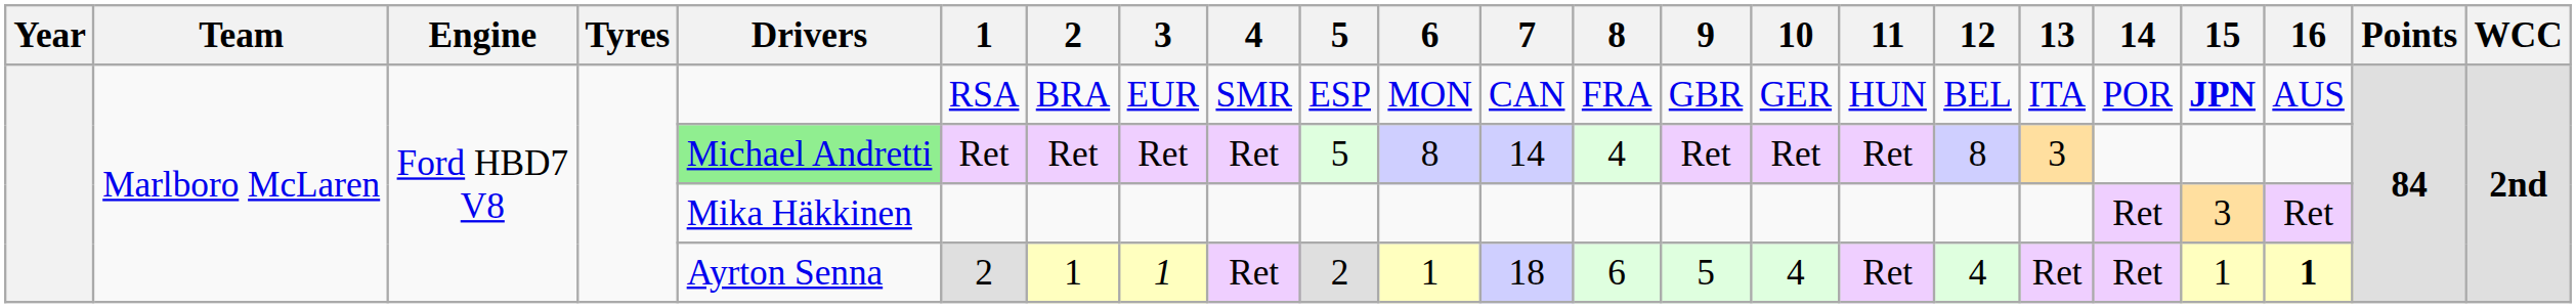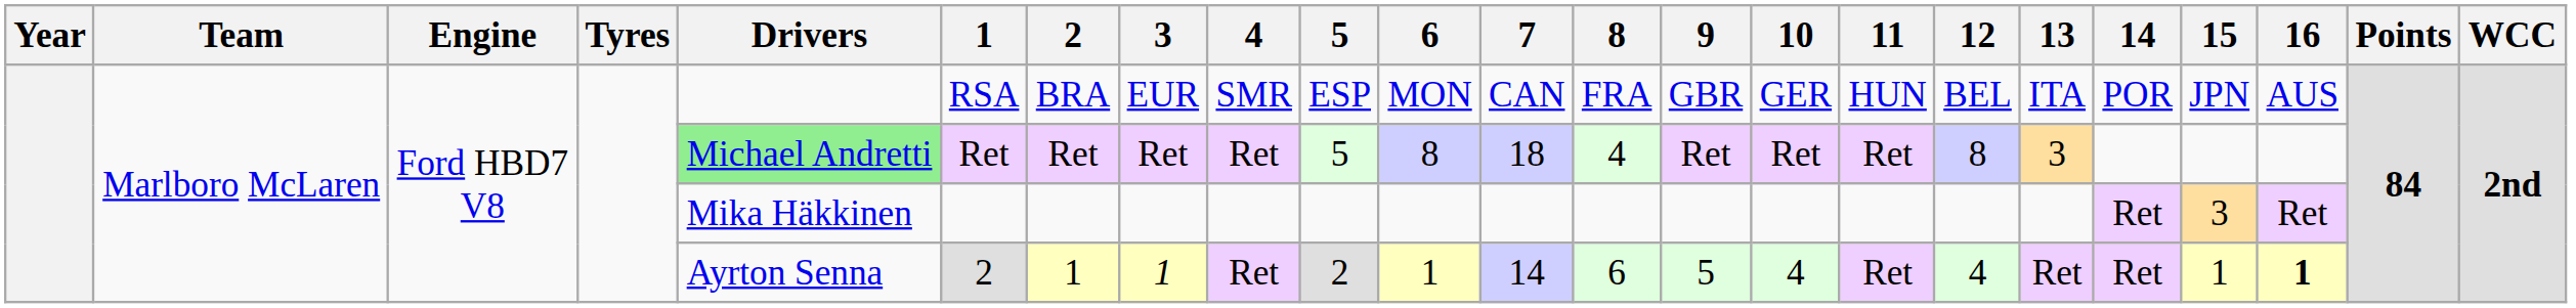 <table class="wikitable" style="text-align:center; font-size:95%">
 <tr>
 <th>Year</th>
 <th>Team</th>
 <th>Engine</th>
 <th>Tyres</th>
 <th>Drivers</th>
 <th>1</th>
 <th>2</th>
 <th>3</th>
 <th>4</th>
 <th>5</th>
 <th>6</th>
 <th>7</th>
 <th>8</th>
 <th>9</th>
 <th>10</th>
 <th>11</th>
 <th>12</th>
 <th>13</th>
 <th>14</th>
 <th>15</th>
 <th>16</th>
 <th>Points</th>
 <th>WCC</th>
 </tr>
 <tr>
 <th rowspan="4"></th>
 <td rowspan="4"><a href='#'>Marlboro</a> <a href='#'>McLaren</a></td>
 <td rowspan="4"><a href='#'>Ford</a> HBD7<br><a href='#'>V8</a></td>
 <td rowspan="4"></td>
 <td></td>
 <td><a href='#'>RSA</a></td>
 <td><a href='#'>BRA</a></td>
 <td><a href='#'>EUR</a></td>
 <td><a href='#'>SMR</a></td>
 <td><a href='#'>ESP</a></td>
 <td><a href='#'>MON</a></td>
 <td><a href='#'>CAN</a></td>
 <td><a href='#'>FRA</a></td>
 <td><a href='#'>GBR</a></td>
 <td><a href='#'>GER</a></td>
 <td><a href='#'>HUN</a></td>
 <td><a href='#'>BEL</a></td>
 <td><a href='#'>ITA</a></td>
 <td><a href='#'>POR</a></td>
-<td><strong><a href='#'>JPN</a></strong></td>
+<td><a href='#'>JPN</a></td>
 <td><a href='#'>AUS</a></td>
 <td rowspan="4" style="background:#dfdfdf;"><strong>84</strong></td>
 <td rowspan="4" style="background:#dfdfdf;"><strong>2nd</strong></td>
 </tr>
 <tr>
 <td align="left" style="background: lightgreen;"><a href='#'>Michael Andretti</a></td>
 <td style="background:#efcfff;">Ret</td>
 <td style="background:#efcfff;">Ret</td>
 <td style="background:#efcfff;">Ret</td>
 <td style="background:#efcfff;">Ret</td>
 <td style="background:#dfffdf;">5</td>
 <td style="background:#cfcfff;">8</td>
-<td style="background:#cfcfff;">14</td>
+<td style="background:#cfcfff;">18</td>
 <td style="background:#dfffdf;">4</td>
 <td style="background:#efcfff;">Ret</td>
 <td style="background:#efcfff;">Ret</td>
 <td style="background:#efcfff;">Ret</td>
 <td style="background:#cfcfff;">8</td>
 <td style="background:#ffdf9f;">3</td>
 <td></td>
 <td></td>
 <td></td>
 </tr>
 <tr>
 <td align="left"><a href='#'>Mika Häkkinen</a></td>
 <td></td>
 <td></td>
 <td></td>
 <td></td>
 <td></td>
 <td></td>
 <td></td>
 <td></td>
 <td></td>
 <td></td>
 <td></td>
 <td></td>
 <td></td>
 <td style="background:#efcfff;">Ret</td>
 <td style="background:#ffdf9f;">3</td>
 <td style="background:#efcfff;">Ret</td>
 </tr>
 <tr>
 <td align="left"><a href='#'>Ayrton Senna</a></td>
 <td style="background:#dfdfdf;">2</td>
 <td style="background:#ffffbf;">1</td>
 <td style="background:#ffffbf;"><em>1</em></td>
 <td style="background:#efcfff;">Ret</td>
 <td style="background:#dfdfdf;">2</td>
 <td style="background:#ffffbf;">1</td>
-<td style="background:#cfcfff;">18</td>
+<td style="background:#cfcfff;">14</td>
 <td style="background:#dfffdf;">6</td>
 <td style="background:#dfffdf;">5</td>
 <td style="background:#dfffdf;">4</td>
 <td style="background:#efcfff;">Ret</td>
 <td style="background:#dfffdf;">4</td>
 <td style="background:#efcfff;">Ret</td>
 <td style="background:#efcfff;">Ret</td>
 <td style="background:#ffffbf;">1</td>
 <td style="background:#ffffbf;"><strong>1</strong></td>
 </tr>
 </table>
